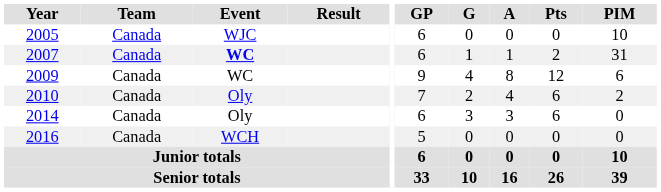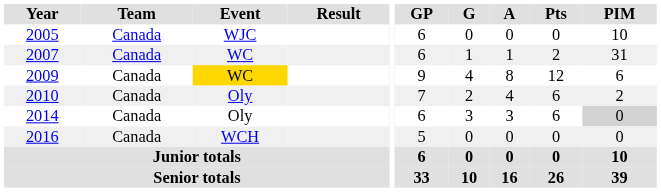 <table border="0" cellpadding="1" cellspacing="0" ID="Table3" style="text-align:center; width:40em;">
 <tr bgcolor="#e0e0e0">
 <th>Year</th>
 <th>Team</th>
 <th>Event</th>
 <th>Result</th>
 <th rowspan="99" bgcolor="#ffffff"></th>
 <th>GP</th>
 <th>G</th>
 <th>A</th>
 <th>Pts</th>
 <th>PIM</th>
 </tr>
 <tr>
 <td><a href='#'>2005</a></td>
 <td><a href='#'>Canada</a></td>
 <td><a href='#'>WJC</a></td>
 <td></td>
 <td>6</td>
 <td>0</td>
 <td>0</td>
 <td>0</td>
 <td>10</td>
 </tr>
 <tr bgcolor="#f0f0f0">
 <td><a href='#'>2007</a></td>
 <td><a href='#'>Canada</a></td>
-<td><strong><a href='#'>WC</a></strong></td>
+<td><a href='#'>WC</a></td>
 <td></td>
 <td>6</td>
 <td>1</td>
 <td>1</td>
 <td>2</td>
 <td>31</td>
 </tr>
 <tr>
 <td><a href='#'>2009</a></td>
 <td>Canada</td>
-<td>WC</td>
+<td style="background: gold;">WC</td>
 <td></td>
 <td>9</td>
 <td>4</td>
 <td>8</td>
 <td>12</td>
 <td>6</td>
 </tr>
 <tr bgcolor="#f0f0f0">
 <td><a href='#'>2010</a></td>
 <td>Canada</td>
 <td><a href='#'>Oly</a></td>
 <td></td>
 <td>7</td>
 <td>2</td>
 <td>4</td>
 <td>6</td>
 <td>2</td>
 </tr>
 <tr>
 <td><a href='#'>2014</a></td>
 <td>Canada</td>
 <td>Oly</td>
 <td></td>
 <td>6</td>
 <td>3</td>
 <td>3</td>
 <td>6</td>
-<td>0</td>
+<td style="background: lightgrey;">0</td>
 </tr>
 <tr bgcolor="#f0f0f0">
 <td><a href='#'>2016</a></td>
 <td>Canada</td>
 <td><a href='#'>WCH</a></td>
 <td></td>
 <td>5</td>
 <td>0</td>
 <td>0</td>
 <td>0</td>
 <td>0</td>
 </tr>
 <tr bgcolor="#e0e0e0">
 <th colspan="4">Junior totals</th>
 <th>6</th>
 <th>0</th>
 <th>0</th>
 <th>0</th>
 <th>10</th>
 </tr>
 <tr bgcolor="#e0e0e0">
 <th colspan="4">Senior totals</th>
 <th>33</th>
 <th>10</th>
 <th>16</th>
 <th>26</th>
 <th>39</th>
 </tr>
 </table>
